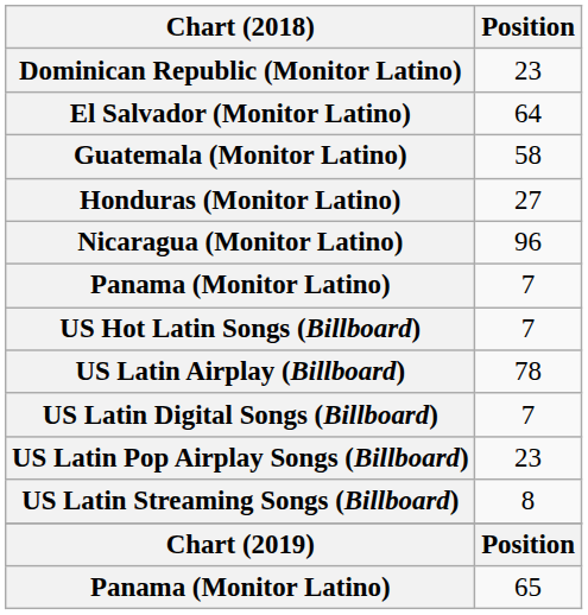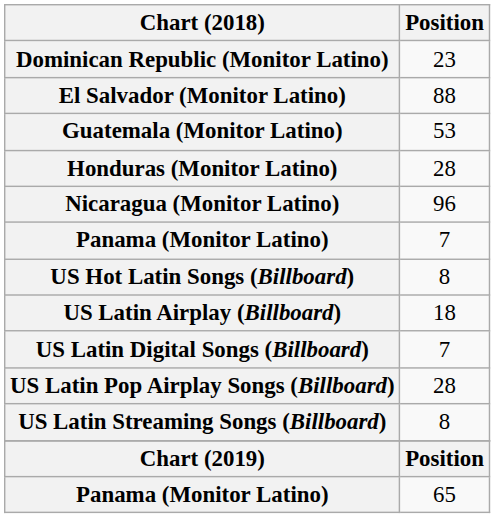 <table class="wikitable sortable plainrowheaders" style="text-align:center">
 <tr>
 <th scope="col">Chart (2018)</th>
 <th scope="col">Position</th>
 </tr>
 <tr>
 <th scope="row">Dominican Republic (Monitor Latino)</th>
 <td>23</td>
 </tr>
 <tr>
 <th scope="row">El Salvador (Monitor Latino)</th>
-<td>64</td>
+<td>88</td>
 </tr>
 <tr>
 <th scope="row">Guatemala (Monitor Latino)</th>
-<td>58</td>
+<td>53</td>
 </tr>
 <tr>
 <th scope="row">Honduras (Monitor Latino)</th>
-<td>27</td>
+<td>28</td>
 </tr>
 <tr>
 <th scope="row">Nicaragua (Monitor Latino)</th>
 <td>96</td>
 </tr>
 <tr>
 <th scope="row">Panama (Monitor Latino)</th>
 <td>7</td>
 </tr>
 <tr>
 <th scope="row">US Hot Latin Songs (<em>Billboard</em>)</th>
-<td>7</td>
+<td>8</td>
 </tr>
 <tr>
 <th scope="row">US Latin Airplay (<em>Billboard</em>)</th>
-<td>78</td>
+<td>18</td>
 </tr>
 <tr>
 <th scope="row">US Latin Digital Songs (<em>Billboard</em>)</th>
 <td>7</td>
 </tr>
 <tr>
 <th scope="row">US Latin Pop Airplay Songs (<em>Billboard</em>)</th>
-<td>23</td>
+<td>28</td>
 </tr>
 <tr>
 <th scope="row">US Latin Streaming Songs (<em>Billboard</em>)</th>
 <td>8</td>
 </tr>
 <tr>
 </tr>
 <tr>
 <th scope="col">Chart (2019)</th>
 <th scope="col">Position</th>
 </tr>
 <tr>
 <th scope="row">Panama (Monitor Latino)</th>
 <td>65</td>
 </tr>
 </table>
